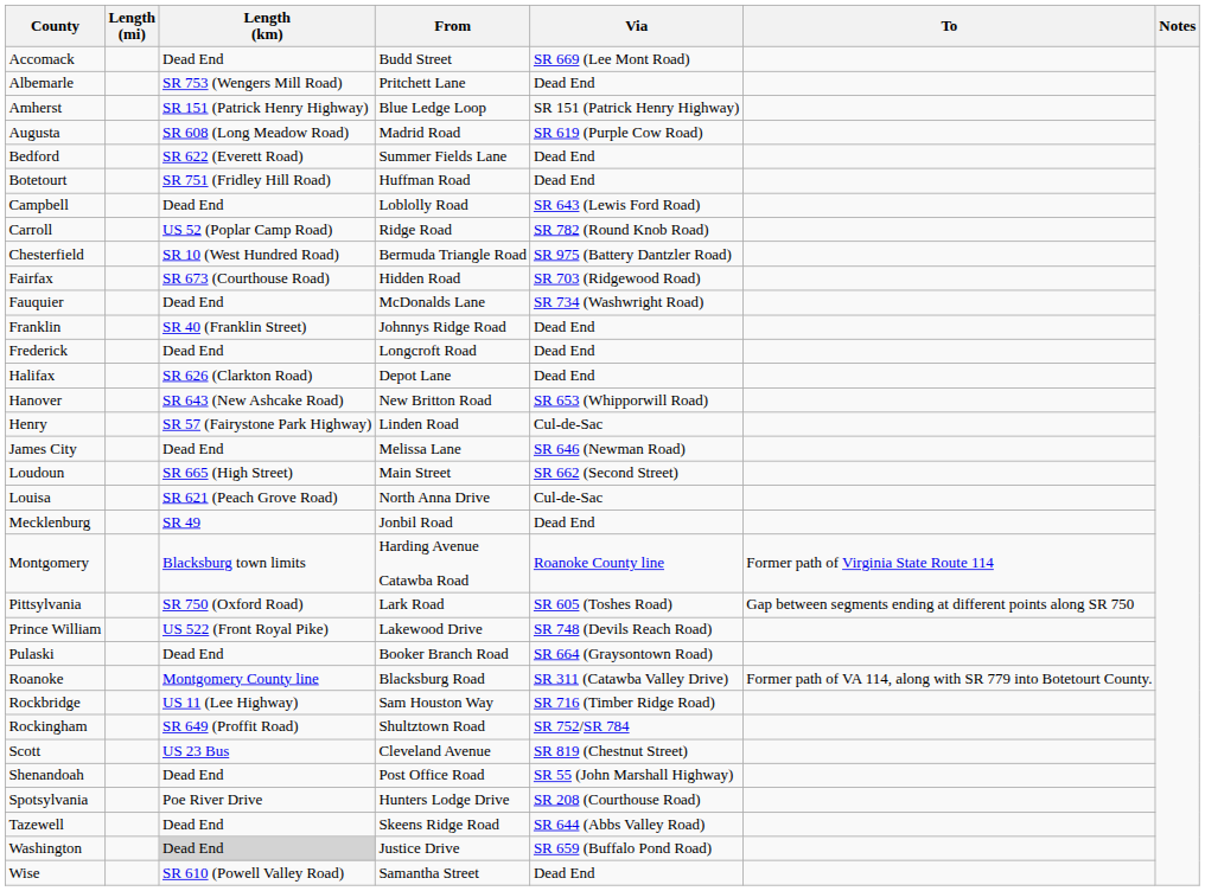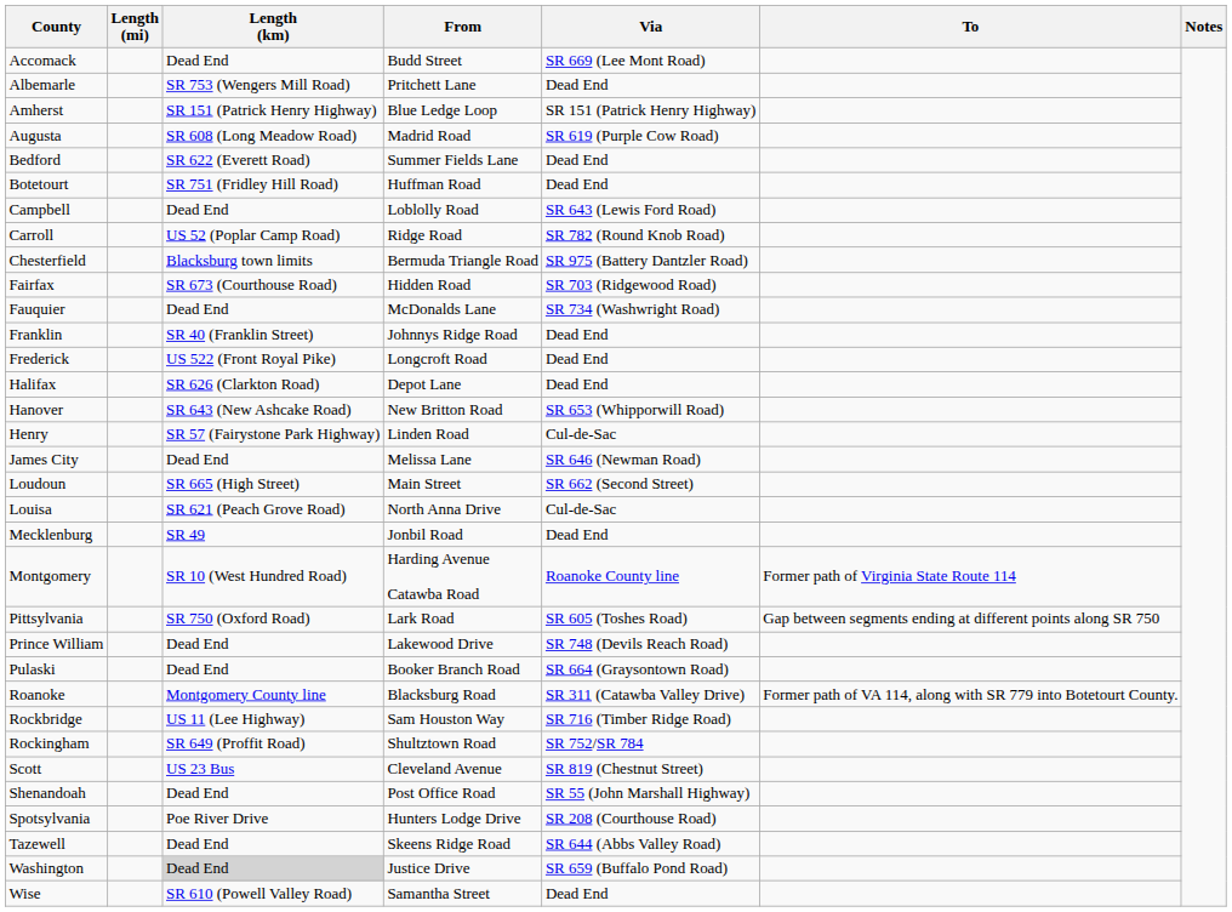 <table class="wikitable sortable">
 <tr>
 <th>County</th>
 <th>Length<br>(mi)</th>
 <th>Length<br>(km)</th>
 <th class="unsortable">From</th>
 <th class="unsortable">Via</th>
 <th class="unsortable">To</th>
 <th class="unsortable">Notes</th>
 </tr>
 <tr>
 <td id="Accomack">Accomack</td>
 <td></td>
 <td>Dead End</td>
 <td>Budd Street</td>
 <td><a href='#'>SR 669</a> (Lee Mont Road)</td>
 <td></td>
 </tr>
 <tr>
 <td id="Albemarle">Albemarle</td>
 <td></td>
 <td><a href='#'>SR 753</a> (Wengers Mill Road)</td>
 <td>Pritchett Lane</td>
 <td>Dead End</td>
 <td><br> </td>
 </tr>
 <tr>
 <td id="Amherst">Amherst</td>
 <td></td>
 <td><a href='#'>SR 151</a> (Patrick Henry Highway)</td>
 <td>Blue Ledge Loop</td>
 <td>SR 151 (Patrick Henry Highway)</td>
 <td><br> </td>
 </tr>
 <tr>
 <td id="Augusta">Augusta</td>
 <td></td>
 <td><a href='#'>SR 608</a> (Long Meadow Road)</td>
 <td>Madrid Road</td>
 <td><a href='#'>SR 619</a> (Purple Cow Road)</td>
 <td><br></td>
 </tr>
 <tr>
 <td id="Bedford">Bedford</td>
 <td></td>
 <td><a href='#'>SR 622</a> (Everett Road)</td>
 <td>Summer Fields Lane</td>
 <td>Dead End</td>
 <td><br></td>
 </tr>
 <tr>
 <td id="Botetourt">Botetourt</td>
 <td></td>
 <td><a href='#'>SR 751</a> (Fridley Hill Road)</td>
 <td>Huffman Road</td>
 <td>Dead End</td>
 <td><br>  </td>
 </tr>
 <tr>
 <td id="Campbell">Campbell</td>
 <td></td>
 <td>Dead End</td>
 <td>Loblolly Road</td>
 <td><a href='#'>SR 643</a> (Lewis Ford Road)</td>
 <td><br></td>
 </tr>
 <tr>
 <td id="Carroll">Carroll</td>
 <td></td>
 <td><a href='#'>US 52</a> (Poplar Camp Road)</td>
 <td>Ridge Road</td>
 <td><a href='#'>SR 782</a> (Round Knob Road)</td>
 <td><br> </td>
 </tr>
 <tr>
 <td id="Chesterfield">Chesterfield</td>
 <td></td>
-<td><a href='#'>SR 10</a> (West Hundred Road)</td>
+<td><a href='#'>Blacksburg</a> town limits</td>
 <td>Bermuda Triangle Road</td>
 <td><a href='#'>SR 975</a> (Battery Dantzler Road)</td>
 <td><br>       </td>
 </tr>
 <tr>
 <td id="Fairfax">Fairfax</td>
 <td></td>
 <td><a href='#'>SR 673</a> (Courthouse Road)</td>
 <td>Hidden Road</td>
 <td><a href='#'>SR 703</a> (Ridgewood Road)</td>
 <td></td>
 </tr>
 <tr>
 <td id="Fauquier">Fauquier</td>
 <td></td>
 <td>Dead End</td>
 <td>McDonalds Lane</td>
 <td><a href='#'>SR 734</a> (Washwright Road)</td>
 <td><br> </td>
 </tr>
 <tr>
 <td id="Franklin">Franklin</td>
 <td></td>
 <td><a href='#'>SR 40</a> (Franklin Street)</td>
 <td>Johnnys Ridge Road</td>
 <td>Dead End</td>
 <td></td>
 </tr>
 <tr>
 <td id="Frederick">Frederick</td>
 <td></td>
-<td>Dead End</td>
+<td><a href='#'>US 522</a> (Front Royal Pike)</td>
 <td>Longcroft Road</td>
 <td>Dead End</td>
 <td><br>     </td>
 </tr>
 <tr>
 <td id="Halifax">Halifax</td>
 <td></td>
 <td><a href='#'>SR 626</a> (Clarkton Road)</td>
 <td>Depot Lane</td>
 <td>Dead End</td>
 <td></td>
 </tr>
 <tr>
 <td id="Hanover">Hanover</td>
 <td></td>
 <td><a href='#'>SR 643</a> (New Ashcake Road)</td>
 <td>New Britton Road</td>
 <td><a href='#'>SR 653</a> (Whipporwill Road)</td>
 <td><br></td>
 </tr>
 <tr>
 <td id="Henry">Henry</td>
 <td></td>
 <td><a href='#'>SR 57</a> (Fairystone Park Highway)</td>
 <td>Linden Road</td>
 <td>Cul-de-Sac</td>
 <td><br> </td>
 </tr>
 <tr>
 <td id="James City">James City</td>
 <td></td>
 <td>Dead End</td>
 <td>Melissa Lane</td>
 <td><a href='#'>SR 646</a> (Newman Road)</td>
 <td><br>    </td>
 </tr>
 <tr>
 <td id="Loudoun">Loudoun</td>
 <td></td>
 <td><a href='#'>SR 665</a> (High Street)</td>
 <td>Main Street</td>
 <td><a href='#'>SR 662</a> (Second Street)</td>
 <td></td>
 </tr>
 <tr>
 <td id="Louisa">Louisa</td>
 <td></td>
 <td><a href='#'>SR 621</a> (Peach Grove Road)</td>
 <td>North Anna Drive</td>
 <td>Cul-de-Sac</td>
 <td><br>  </td>
 </tr>
 <tr>
 <td id="Mecklenburg">Mecklenburg</td>
 <td></td>
 <td><a href='#'>SR 49</a></td>
 <td>Jonbil Road</td>
 <td>Dead End</td>
 <td><br></td>
 </tr>
 <tr>
 <td id="Montgomery">Montgomery</td>
 <td></td>
-<td><a href='#'>Blacksburg</a> town limits</td>
+<td><a href='#'>SR 10</a> (West Hundred Road)</td>
 <td>Harding Avenue<br><br>Catawba Road</td>
 <td><a href='#'>Roanoke County line</a></td>
 <td>Former path of <a href='#'>Virginia State Route 114</a><br>       </td>
 </tr>
 <tr>
 <td id="Pittsylvania">Pittsylvania</td>
 <td></td>
 <td><a href='#'>SR 750</a> (Oxford Road)</td>
 <td>Lark Road</td>
 <td><a href='#'>SR 605</a> (Toshes Road)</td>
 <td>Gap between segments ending at different points along SR 750<br>  </td>
 </tr>
 <tr>
 <td id="Prince William">Prince William</td>
 <td></td>
-<td><a href='#'>US 522</a> (Front Royal Pike)</td>
+<td>Dead End</td>
 <td>Lakewood Drive</td>
 <td><a href='#'>SR 748</a> (Devils Reach Road)</td>
 <td></td>
 </tr>
 <tr>
 <td id="Pulaski">Pulaski</td>
 <td></td>
 <td>Dead End</td>
 <td>Booker Branch Road</td>
 <td><a href='#'>SR 664</a> (Graysontown Road)</td>
 <td><br> </td>
 </tr>
 <tr>
 <td id="Roanoke">Roanoke</td>
 <td></td>
 <td><a href='#'>Montgomery County line</a></td>
 <td>Blacksburg Road</td>
 <td><a href='#'>SR 311</a> (Catawba Valley Drive)</td>
 <td>Former path of VA 114, along with SR 779 into Botetourt County.</td>
 </tr>
 <tr>
 <td id="Rockbridge">Rockbridge</td>
 <td></td>
 <td><a href='#'>US 11</a> (Lee Highway)</td>
 <td>Sam Houston Way</td>
 <td><a href='#'>SR 716</a> (Timber Ridge Road)</td>
 <td></td>
 </tr>
 <tr>
 <td id="Rockingham">Rockingham</td>
 <td></td>
 <td><a href='#'>SR 649</a> (Proffit Road)</td>
 <td>Shultztown Road</td>
 <td><a href='#'>SR 752</a>/<a href='#'>SR 784</a></td>
 <td><br></td>
 </tr>
 <tr>
 <td id="Scott">Scott</td>
 <td></td>
 <td><a href='#'>US 23 Bus</a></td>
 <td>Cleveland Avenue</td>
 <td><a href='#'>SR 819</a> (Chestnut Street)</td>
 <td></td>
 </tr>
 <tr>
 <td id="Shenandoah">Shenandoah</td>
 <td></td>
 <td>Dead End</td>
 <td>Post Office Road</td>
 <td><a href='#'>SR 55</a> (John Marshall Highway)</td>
 <td><br> </td>
 </tr>
 <tr>
 <td id="Spotsylvania">Spotsylvania</td>
 <td></td>
 <td>Poe River Drive</td>
 <td>Hunters Lodge Drive</td>
 <td><a href='#'>SR 208</a> (Courthouse Road)</td>
 <td><br>  </td>
 </tr>
 <tr>
 <td id="Tazewell">Tazewell</td>
 <td></td>
 <td>Dead End</td>
 <td>Skeens Ridge Road</td>
 <td><a href='#'>SR 644</a> (Abbs Valley Road)</td>
 <td><br></td>
 </tr>
 <tr>
 <td id="Washington">Washington</td>
 <td></td>
 <td style="background: lightgrey;">Dead End</td>
 <td>Justice Drive</td>
 <td><a href='#'>SR 659</a> (Buffalo Pond Road)</td>
 <td><br></td>
 </tr>
 <tr>
 <td id="Wise">Wise</td>
 <td></td>
 <td><a href='#'>SR 610</a> (Powell Valley Road)</td>
 <td>Samantha Street</td>
 <td>Dead End</td>
 <td><br> </td>
 </tr>
 </table>
